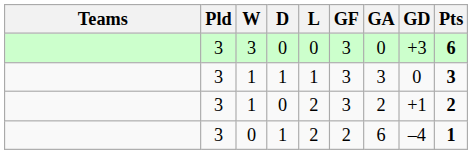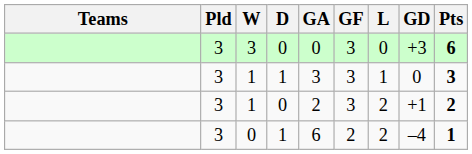 <table class="wikitable" style="text-align: center;">
 <tr>
 <th width=165>Teams</th>
 <th width=20>Pld</th>
 <th width=20>W</th>
 <th width=20>D</th>
+<th width=20>GA</th>
+<th width=20>GF</th>
 <th width=20>L</th>
-<th width=20>GF</th>
-<th width=20>GA</th>
 <th width=20>GD</th>
 <th width=20>Pts</th>
 </tr>
 <tr align=center style="background:#ccffcc;">
 <td style="text-align:left;"></td>
 <td>3</td>
 <td>3</td>
 <td>0</td>
 <td>0</td>
 <td>3</td>
 <td>0</td>
 <td>+3</td>
 <td><strong>6</strong></td>
 </tr>
 <tr align=center>
 <td style="text-align:left;"></td>
 <td>3</td>
 <td>1</td>
 <td>1</td>
-<td>1</td>
 <td>3</td>
 <td>3</td>
+<td>1</td>
 <td>0</td>
 <td><strong>3</strong></td>
 </tr>
 <tr align=center>
 <td style="text-align:left;"></td>
 <td>3</td>
 <td>1</td>
 <td>0</td>
 <td>2</td>
 <td>3</td>
 <td>2</td>
 <td>+1</td>
 <td><strong>2</strong></td>
 </tr>
 <tr align=center>
 <td style="text-align:left;"></td>
 <td>3</td>
 <td>0</td>
 <td>1</td>
+<td>6</td>
 <td>2</td>
 <td>2</td>
-<td>6</td>
 <td>–4</td>
 <td><strong>1</strong></td>
 </tr>
 </table>
